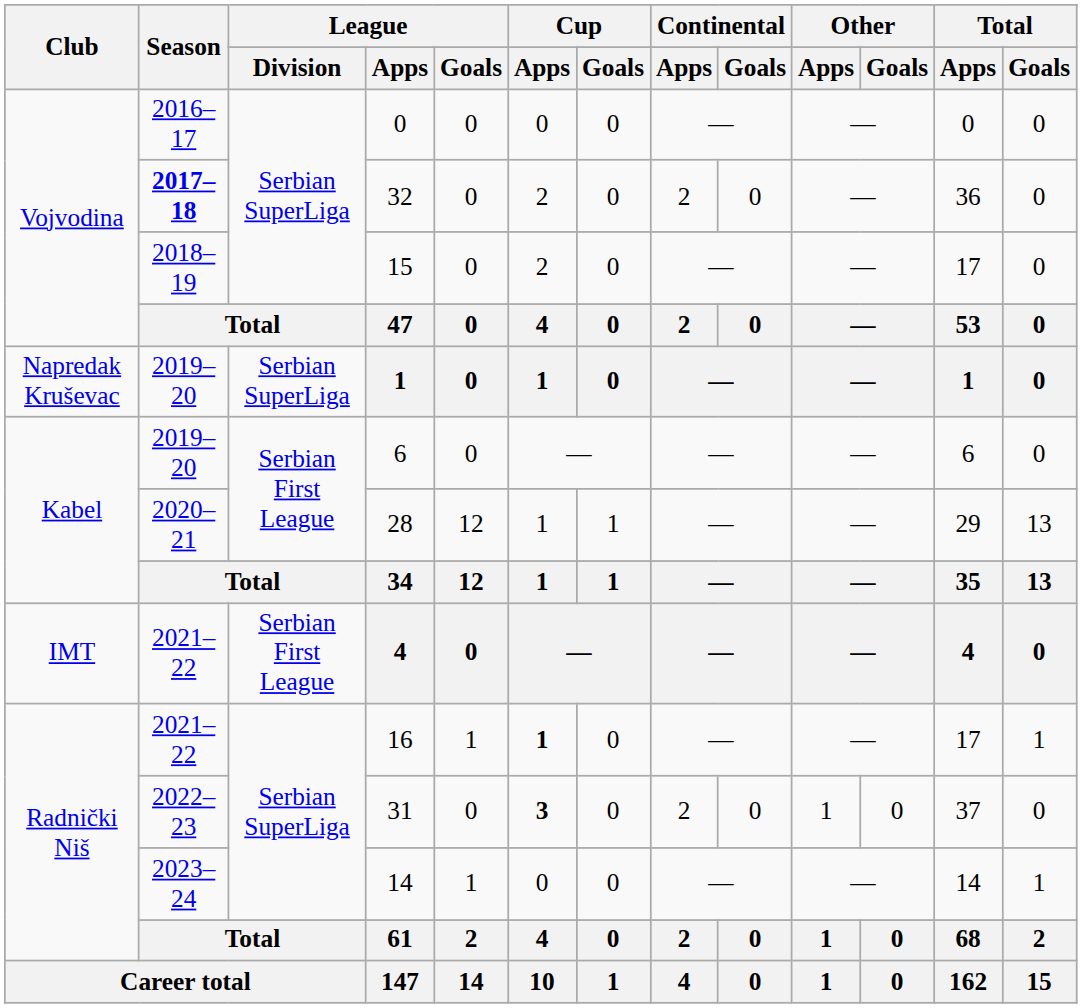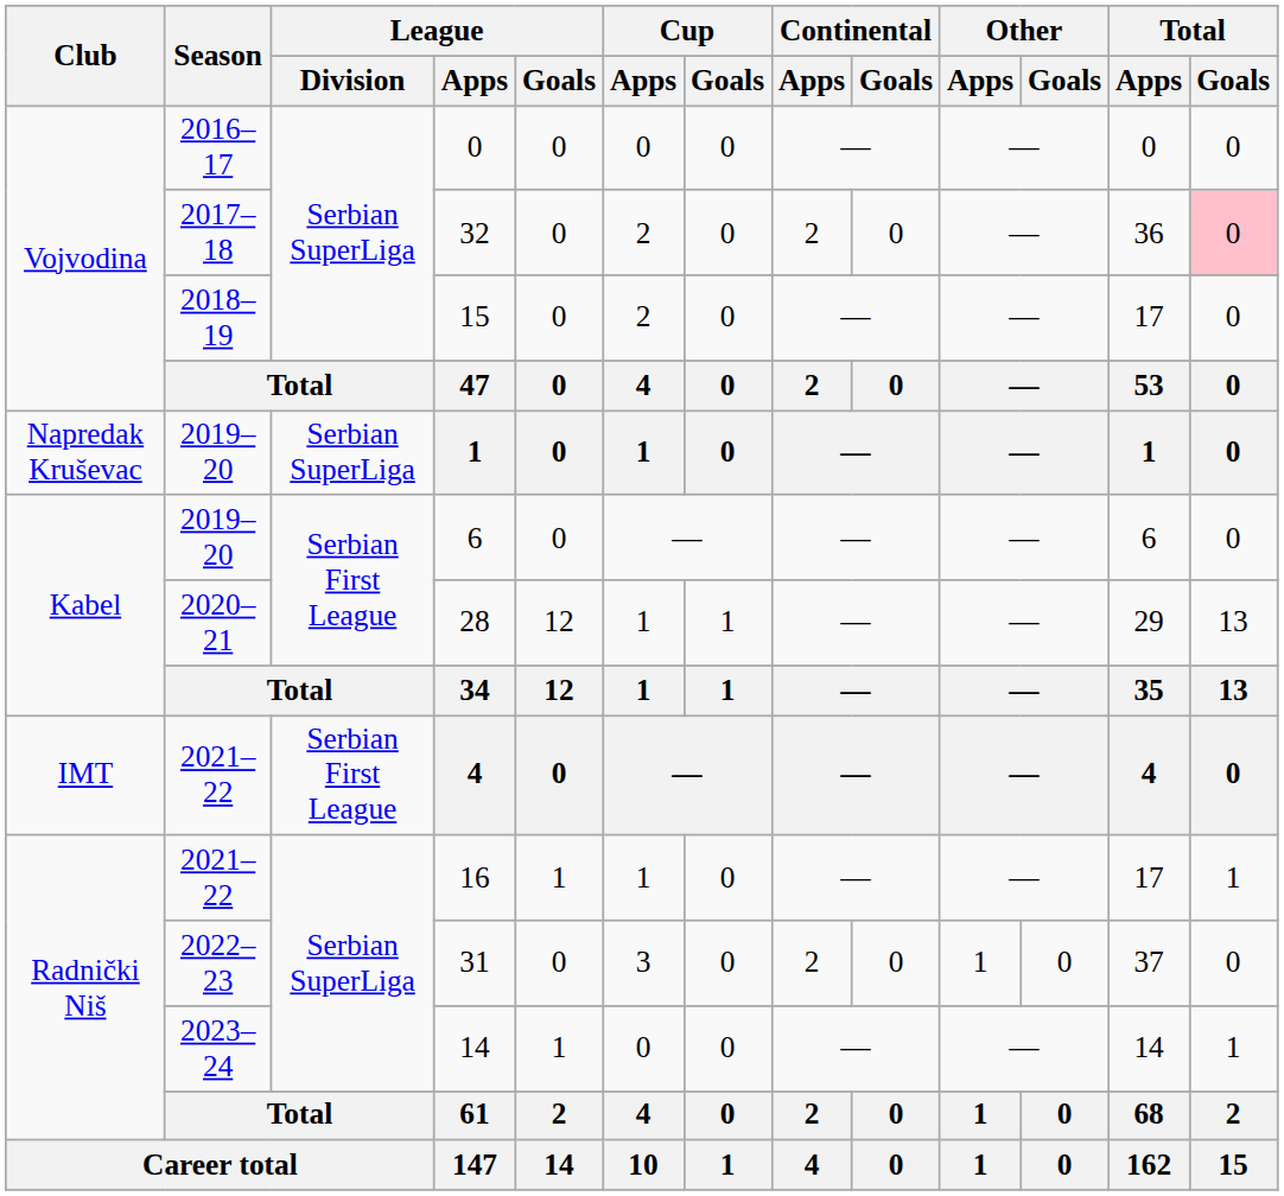 <table class="wikitable" style="text-align: center;font-size:90%">
 <tr>
 <th rowspan="2">Club</th>
 <th rowspan="2">Season</th>
 <th colspan="3">League</th>
 <th colspan="2">Cup</th>
 <th colspan="2">Continental</th>
 <th colspan="2">Other</th>
 <th colspan="2">Total</th>
 </tr>
 <tr>
 <th>Division</th>
 <th>Apps</th>
 <th>Goals</th>
 <th>Apps</th>
 <th>Goals</th>
 <th>Apps</th>
 <th>Goals</th>
 <th>Apps</th>
 <th>Goals</th>
 <th>Apps</th>
 <th>Goals</th>
 </tr>
 <tr>
 <td rowspan="4"><a href='#'>Vojvodina</a></td>
 <td><a href='#'>2016–17</a></td>
 <td rowspan="3"><a href='#'>Serbian SuperLiga</a></td>
 <td>0</td>
 <td>0</td>
 <td>0</td>
 <td>0</td>
 <td colspan="2">—</td>
 <td colspan="2">—</td>
 <td>0</td>
 <td>0</td>
 </tr>
 <tr>
-<td><strong><a href='#'>2017–18</a></strong></td>
+<td><a href='#'>2017–18</a></td>
 <td>32</td>
 <td>0</td>
 <td>2</td>
 <td>0</td>
 <td>2</td>
 <td>0</td>
 <td colspan="2">—</td>
 <td>36</td>
-<td>0</td>
+<td style="background: pink;">0</td>
 </tr>
 <tr>
 <td><a href='#'>2018–19</a></td>
 <td>15</td>
 <td>0</td>
 <td>2</td>
 <td>0</td>
 <td colspan="2">—</td>
 <td colspan="2">—</td>
 <td>17</td>
 <td>0</td>
 </tr>
 <tr>
 <th colspan="2">Total</th>
 <th>47</th>
 <th>0</th>
 <th>4</th>
 <th>0</th>
 <th>2</th>
 <th>0</th>
 <th colspan="2">—</th>
 <th>53</th>
 <th>0</th>
 </tr>
 <tr>
 <td><a href='#'>Napredak Kruševac</a></td>
 <td><a href='#'>2019–20</a></td>
 <td><a href='#'>Serbian SuperLiga</a></td>
 <th>1</th>
 <th>0</th>
 <th>1</th>
 <th>0</th>
 <th colspan="2">—</th>
 <th colspan="2">—</th>
 <th>1</th>
 <th>0</th>
 </tr>
 <tr>
 <td rowspan="3"><a href='#'>Kabel</a></td>
 <td><a href='#'>2019–20</a></td>
 <td rowspan="2"><a href='#'>Serbian First League</a></td>
 <td>6</td>
 <td>0</td>
 <td colspan="2">—</td>
 <td colspan="2">—</td>
 <td colspan="2">—</td>
 <td>6</td>
 <td>0</td>
 </tr>
 <tr>
 <td><a href='#'>2020–21</a></td>
 <td>28</td>
 <td>12</td>
 <td>1</td>
 <td>1</td>
 <td colspan="2">—</td>
 <td colspan="2">—</td>
 <td>29</td>
 <td>13</td>
 </tr>
 <tr>
 <th colspan="2">Total</th>
 <th>34</th>
 <th>12</th>
 <th>1</th>
 <th>1</th>
 <th colspan="2">—</th>
 <th colspan="2">—</th>
 <th>35</th>
 <th>13</th>
 </tr>
 <tr>
 <td><a href='#'>IMT</a></td>
 <td><a href='#'>2021–22</a></td>
 <td><a href='#'>Serbian First League</a></td>
 <th>4</th>
 <th>0</th>
 <th colspan="2">—</th>
 <th colspan="2">—</th>
 <th colspan="2">—</th>
 <th>4</th>
 <th>0</th>
 </tr>
 <tr>
 <td rowspan="4"><a href='#'>Radnički Niš</a></td>
 <td><a href='#'>2021–22</a></td>
 <td rowspan="3"><a href='#'>Serbian SuperLiga</a></td>
 <td>16</td>
 <td>1</td>
-<td><strong>1</strong></td>
+<td>1</td>
 <td>0</td>
 <td colspan="2">—</td>
 <td colspan="2">—</td>
 <td>17</td>
 <td>1</td>
 </tr>
 <tr>
 <td><a href='#'>2022–23</a></td>
 <td>31</td>
 <td>0</td>
-<td><strong>3</strong></td>
+<td>3</td>
 <td>0</td>
 <td>2</td>
 <td>0</td>
 <td>1</td>
 <td>0</td>
 <td>37</td>
 <td>0</td>
 </tr>
 <tr>
 <td><a href='#'>2023–24</a></td>
 <td>14</td>
 <td>1</td>
 <td>0</td>
 <td>0</td>
 <td colspan="2">—</td>
 <td colspan="2">—</td>
 <td>14</td>
 <td>1</td>
 </tr>
 <tr>
 <th colspan="2">Total</th>
 <th>61</th>
 <th>2</th>
 <th>4</th>
 <th>0</th>
 <th>2</th>
 <th>0</th>
 <th>1</th>
 <th>0</th>
 <th>68</th>
 <th>2</th>
 </tr>
 <tr>
 <th colspan="3">Career total</th>
 <th>147</th>
 <th>14</th>
 <th>10</th>
 <th>1</th>
 <th>4</th>
 <th>0</th>
 <th>1</th>
 <th>0</th>
 <th>162</th>
 <th>15</th>
 </tr>
 </table>
